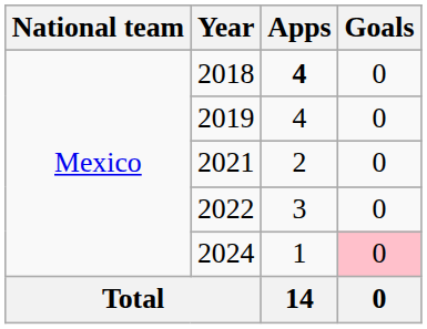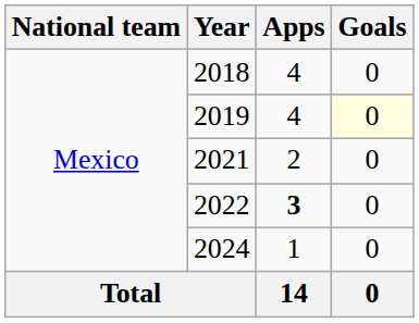 <table class="wikitable" style="text-align: center;">
 <tr>
 <th>National team</th>
 <th>Year</th>
 <th>Apps</th>
 <th>Goals</th>
 </tr>
 <tr>
 <td rowspan="5" valign="center"><a href='#'>Mexico</a></td>
 <td>2018</td>
-<td><strong>4</strong></td>
+<td>4</td>
 <td>0</td>
 </tr>
 <tr>
 <td>2019</td>
 <td>4</td>
-<td>0</td>
+<td style="background: lightyellow;">0</td>
 </tr>
 <tr>
 <td>2021</td>
 <td>2</td>
 <td>0</td>
 </tr>
 <tr>
 <td>2022</td>
-<td>3</td>
+<td><strong>3</strong></td>
 <td>0</td>
 </tr>
 <tr>
 <td>2024</td>
 <td>1</td>
-<td style="background: pink;">0</td>
+<td>0</td>
 </tr>
 <tr>
 <th colspan="2">Total</th>
 <th>14</th>
 <th>0</th>
 </tr>
 </table>
